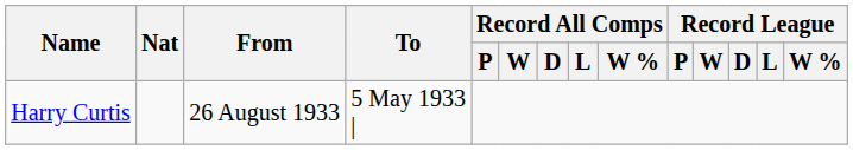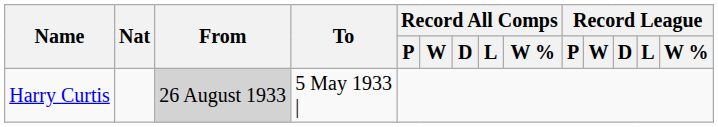 <table class="wikitable" style="text-align: center">
 <tr>
 <th rowspan="2">Name</th>
 <th rowspan="2">Nat</th>
 <th rowspan="2">From</th>
 <th rowspan="2">To</th>
 <th colspan="5">Record All Comps</th>
 <th colspan="5">Record League</th>
 </tr>
 <tr>
 <th>P</th>
 <th>W</th>
 <th>D</th>
 <th>L</th>
 <th>W %</th>
 <th>P</th>
 <th>W</th>
 <th>D</th>
 <th>L</th>
 <th>W %</th>
 </tr>
 <tr>
 <td align=left><a href='#'>Harry Curtis</a></td>
 <td></td>
-<td align=left>26 August 1933</td>
+<td align=left style="background: lightgrey;">26 August 1933</td>
 <td align=left>5 May 1933<br>|</td>
 </tr>
 </table>
